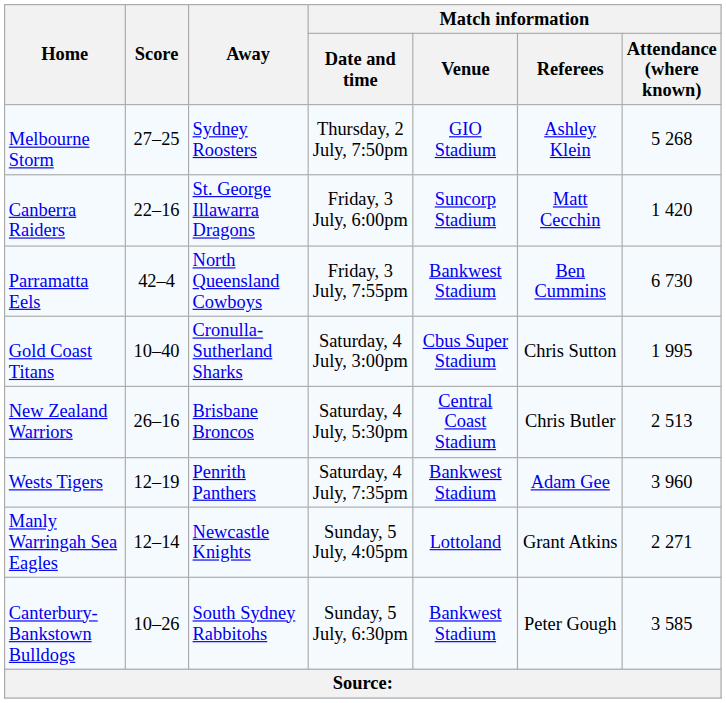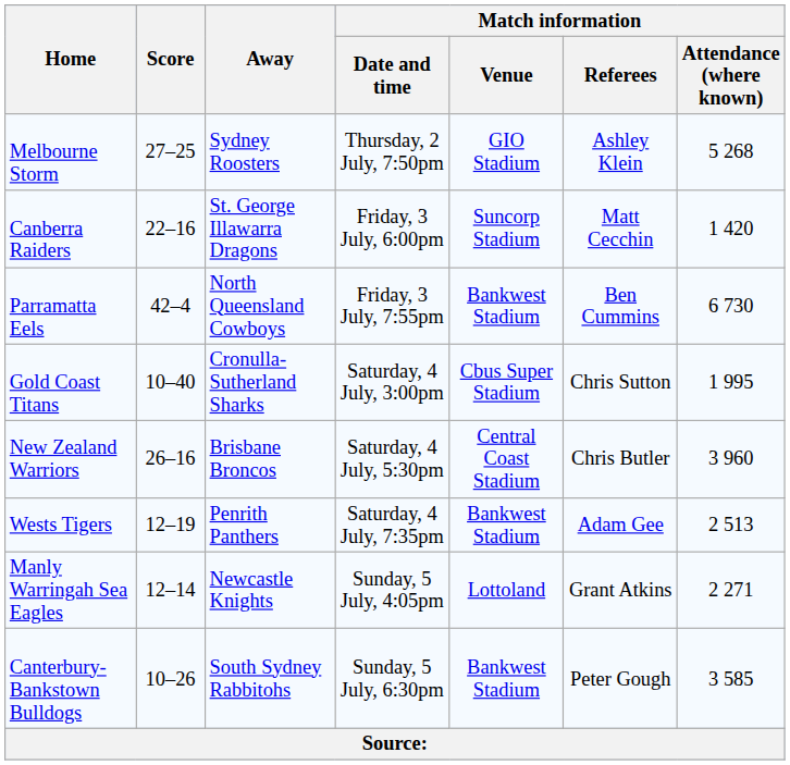 <table class="wikitable" style="border-collapse:collapse; text-align:center; width:100%;">
 <tr style="background:#c1d8ff;">
 <th rowspan="2" style="width:19%;">Home</th>
 <th rowspan="2" style="width:10%;">Score</th>
 <th rowspan="2" style="width:19%;">Away</th>
 <th colspan="5">Match information</th>
 </tr>
 <tr style="background:#efefef;">
 <th width="17%">Date and time</th>
 <th width="17%">Venue</th>
 <th width="17%">Referees</th>
 <th width="5%">Attendance<br>(where known)</th>
 </tr>
 <tr style="text-align:center; background:#f5faff;">
 <td align="left"><br> <a href='#'>Melbourne Storm</a></td>
 <td>27–25</td>
 <td align="left"> <a href='#'>Sydney Roosters</a></td>
 <td>Thursday, 2 July, 7:50pm</td>
 <td><a href='#'>GIO Stadium</a></td>
 <td><a href='#'>Ashley Klein</a></td>
 <td>5 268</td>
 </tr>
 <tr style="text-align:center; background:#f5faff;">
 <td align="left"><br> <a href='#'>Canberra Raiders</a></td>
 <td>22–16</td>
 <td align="left"> <a href='#'>St. George Illawarra Dragons</a></td>
 <td>Friday, 3 July, 6:00pm</td>
 <td><a href='#'>Suncorp Stadium</a></td>
 <td><a href='#'>Matt Cecchin</a></td>
 <td>1 420</td>
 </tr>
 <tr style="text-align:center; background:#f5faff;">
 <td align="left"><br> <a href='#'>Parramatta Eels</a></td>
 <td>42–4</td>
 <td align="left"> <a href='#'>North Queensland Cowboys</a></td>
 <td>Friday, 3 July, 7:55pm</td>
 <td><a href='#'>Bankwest Stadium</a></td>
 <td><a href='#'>Ben Cummins</a></td>
 <td>6 730</td>
 </tr>
 <tr style="text-align:center; background:#f5faff;">
 <td align="left"><br> <a href='#'>Gold Coast Titans</a></td>
 <td>10–40</td>
 <td align="left"> <a href='#'>Cronulla-Sutherland Sharks</a></td>
 <td>Saturday, 4 July, 3:00pm</td>
 <td><a href='#'>Cbus Super Stadium</a></td>
 <td>Chris Sutton</td>
 <td>1 995</td>
 </tr>
 <tr style="text-align:center; background:#f5faff;">
 <td align="left"> <a href='#'>New Zealand Warriors</a></td>
 <td>26–16</td>
 <td align="left"> <a href='#'>Brisbane Broncos</a></td>
 <td>Saturday, 4 July, 5:30pm</td>
 <td><a href='#'>Central Coast Stadium</a></td>
 <td>Chris Butler</td>
-<td>2 513</td>
+<td>3 960</td>
 </tr>
 <tr style="text-align:center; background:#f5faff;">
 <td align="left"> <a href='#'>Wests Tigers</a></td>
 <td>12–19</td>
 <td align="left"> <a href='#'>Penrith Panthers</a></td>
 <td>Saturday, 4 July, 7:35pm</td>
 <td><a href='#'>Bankwest Stadium</a></td>
 <td><a href='#'>Adam Gee</a></td>
-<td>3 960</td>
+<td>2 513</td>
 </tr>
 <tr style="text-align:center; background:#f5faff;">
 <td align="left"> <a href='#'>Manly Warringah Sea Eagles</a></td>
 <td>12–14</td>
 <td align="left"> <a href='#'>Newcastle Knights</a></td>
 <td>Sunday, 5 July, 4:05pm</td>
 <td><a href='#'>Lottoland</a></td>
 <td>Grant Atkins</td>
 <td>2 271</td>
 </tr>
 <tr style="text-align:center; background:#f5faff;">
 <td align="left"><br> <a href='#'>Canterbury-Bankstown Bulldogs</a></td>
 <td>10–26</td>
 <td align="left"> <a href='#'>South Sydney Rabbitohs</a></td>
 <td>Sunday, 5 July, 6:30pm</td>
 <td><a href='#'>Bankwest Stadium</a></td>
 <td>Peter Gough</td>
 <td>3 585</td>
 </tr>
 <tr style="background:#c1d8ff;">
 <th colspan="7">Source:</th>
 </tr>
 </table>
